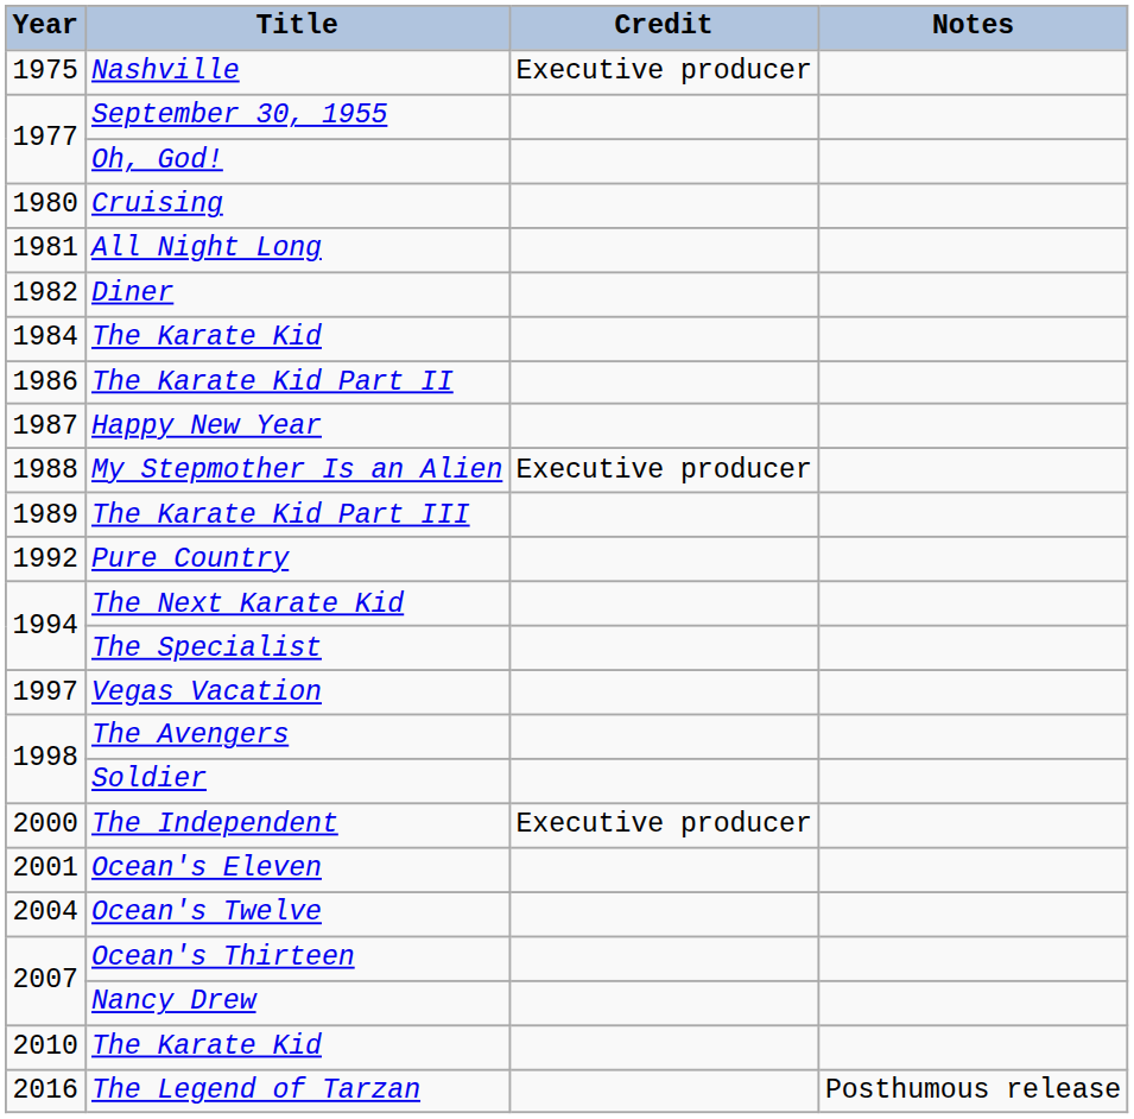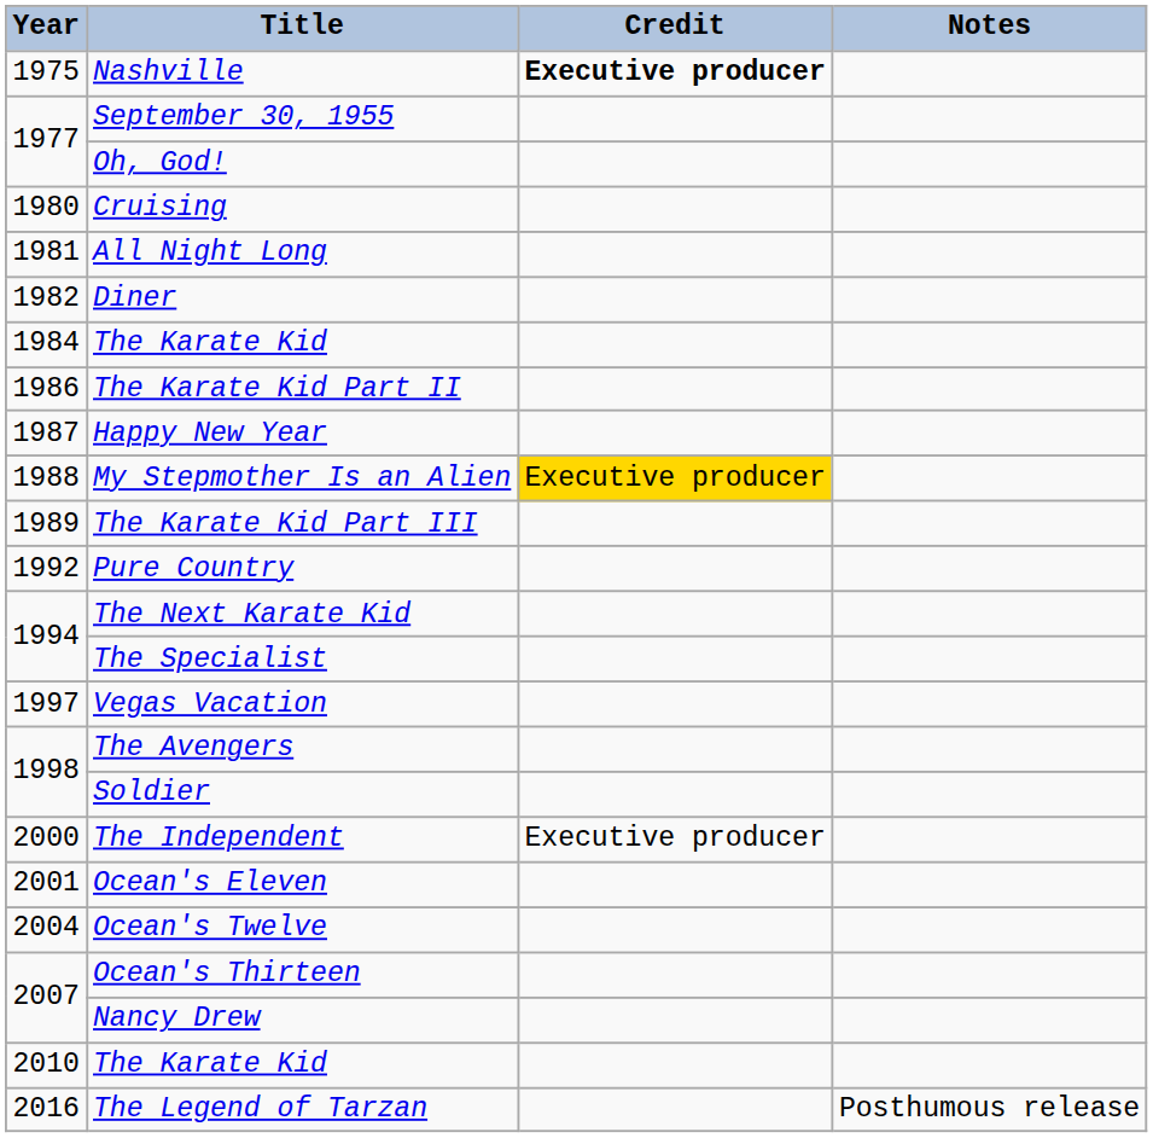 <table class="wikitable" style="font-size:95%;">
 <tr>
 <th style="background:#B0C4DE;">Year</th>
 <th style="background:#B0C4DE;">Title</th>
 <th style="background:#B0C4DE;">Credit</th>
 <th style="background:#B0C4DE;">Notes</th>
 </tr>
 <tr>
 <td>1975</td>
 <td><em><a href='#'>Nashville</a></em></td>
-<td>Executive producer</td>
+<td><strong>Executive producer</strong></td>
 <td></td>
 </tr>
 <tr>
 <td rowspan=2>1977</td>
 <td><em><a href='#'>September 30, 1955</a></em></td>
 <td></td>
 <td></td>
 </tr>
 <tr>
 <td><em><a href='#'>Oh, God!</a></em></td>
 <td></td>
 <td></td>
 </tr>
 <tr>
 <td>1980</td>
 <td><em><a href='#'>Cruising</a></em></td>
 <td></td>
 <td></td>
 </tr>
 <tr>
 <td>1981</td>
 <td><em><a href='#'>All Night Long</a></em></td>
 <td></td>
 <td></td>
 </tr>
 <tr>
 <td>1982</td>
 <td><em><a href='#'>Diner</a></em></td>
 <td></td>
 <td></td>
 </tr>
 <tr>
 <td>1984</td>
 <td><em><a href='#'>The Karate Kid</a></em></td>
 <td></td>
 <td></td>
 </tr>
 <tr>
 <td>1986</td>
 <td><em><a href='#'>The Karate Kid Part II</a></em></td>
 <td></td>
 <td></td>
 </tr>
 <tr>
 <td>1987</td>
 <td><em><a href='#'>Happy New Year</a></em></td>
 <td></td>
 <td></td>
 </tr>
 <tr>
 <td>1988</td>
 <td><em><a href='#'>My Stepmother Is an Alien</a></em></td>
-<td>Executive producer</td>
+<td style="background: gold;">Executive producer</td>
 <td></td>
 </tr>
 <tr>
 <td>1989</td>
 <td><em><a href='#'>The Karate Kid Part III</a></em></td>
 <td></td>
 <td></td>
 </tr>
 <tr>
 <td>1992</td>
 <td><em><a href='#'>Pure Country</a></em></td>
 <td></td>
 <td></td>
 </tr>
 <tr>
 <td rowspan=2>1994</td>
 <td><em><a href='#'>The Next Karate Kid</a></em></td>
 <td></td>
 <td></td>
 </tr>
 <tr>
 <td><em><a href='#'>The Specialist</a></em></td>
 <td></td>
 <td></td>
 </tr>
 <tr>
 <td>1997</td>
 <td><em><a href='#'>Vegas Vacation</a></em></td>
 <td></td>
 <td></td>
 </tr>
 <tr>
 <td rowspan=2>1998</td>
 <td><em><a href='#'>The Avengers</a></em></td>
 <td></td>
 <td></td>
 </tr>
 <tr>
 <td><em><a href='#'>Soldier</a></em></td>
 <td></td>
 <td></td>
 </tr>
 <tr>
 <td>2000</td>
 <td><em><a href='#'>The Independent</a></em></td>
 <td>Executive producer</td>
 <td></td>
 </tr>
 <tr>
 <td>2001</td>
 <td><em><a href='#'>Ocean's Eleven</a></em></td>
 <td></td>
 <td></td>
 </tr>
 <tr>
 <td>2004</td>
 <td><em><a href='#'>Ocean's Twelve</a></em></td>
 <td></td>
 <td></td>
 </tr>
 <tr>
 <td rowspan=2>2007</td>
 <td><em><a href='#'>Ocean's Thirteen</a></em></td>
 <td></td>
 <td></td>
 </tr>
 <tr>
 <td><em><a href='#'>Nancy Drew</a></em></td>
 <td></td>
 <td></td>
 </tr>
 <tr>
 <td>2010</td>
 <td><em><a href='#'>The Karate Kid</a></em></td>
 <td></td>
 <td></td>
 </tr>
 <tr>
 <td>2016</td>
 <td><em><a href='#'>The Legend of Tarzan</a></em></td>
 <td></td>
 <td>Posthumous release</td>
 </tr>
 </table>
